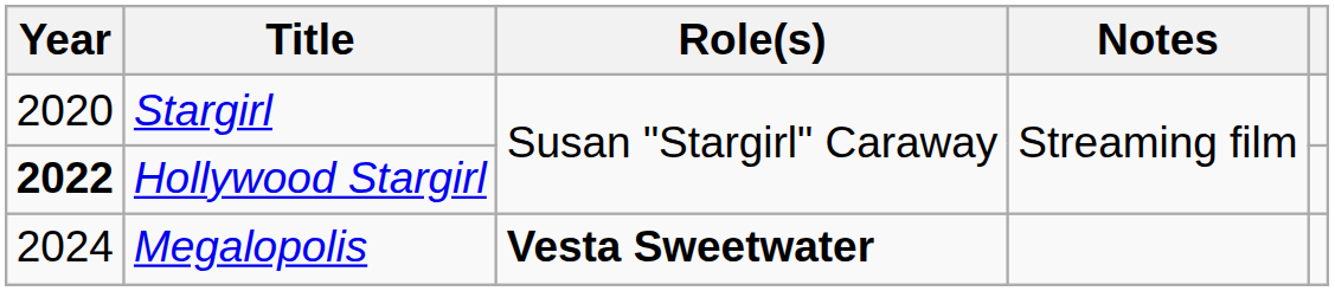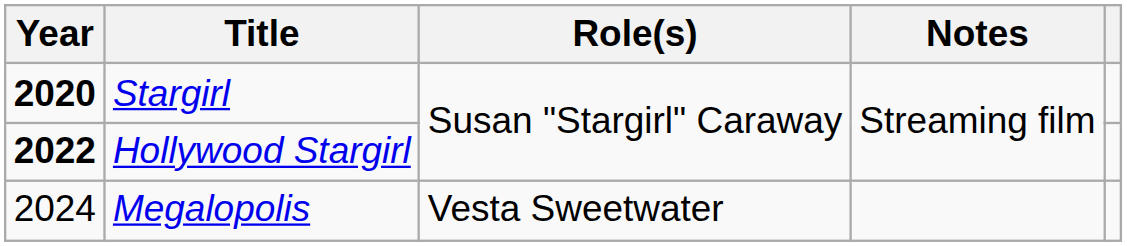 <table class="wikitable plainrowheaders sortable">
 <tr>
 <th scope="col">Year</th>
 <th scope="col">Title</th>
 <th scope="col">Role(s)</th>
 <th scope="col" class="unsortable">Notes</th>
 <th scope="col" class="unsortable"></th>
 </tr>
 <tr>
-<td scope="row" style="text-align:center;">2020</td>
+<td scope="row" style="text-align:center;"><strong>2020</strong></td>
 <td><em><a href='#'>Stargirl</a></em></td>
 <td rowspan="2">Susan "Stargirl" Caraway</td>
 <td rowspan="2" style="text-align:left;">Streaming film</td>
 <td></td>
 </tr>
 <tr>
 <td scope="row" style="text-align:center;"><strong>2022</strong></td>
 <td><em><a href='#'>Hollywood Stargirl</a></em></td>
 <td></td>
 </tr>
 <tr>
 <td scope="row" style="text-align:center;">2024</td>
 <td><em><a href='#'>Megalopolis</a></em></td>
-<td><strong>Vesta Sweetwater</strong></td>
+<td>Vesta Sweetwater</td>
 <td></td>
 <td></td>
 </tr>
 </table>
